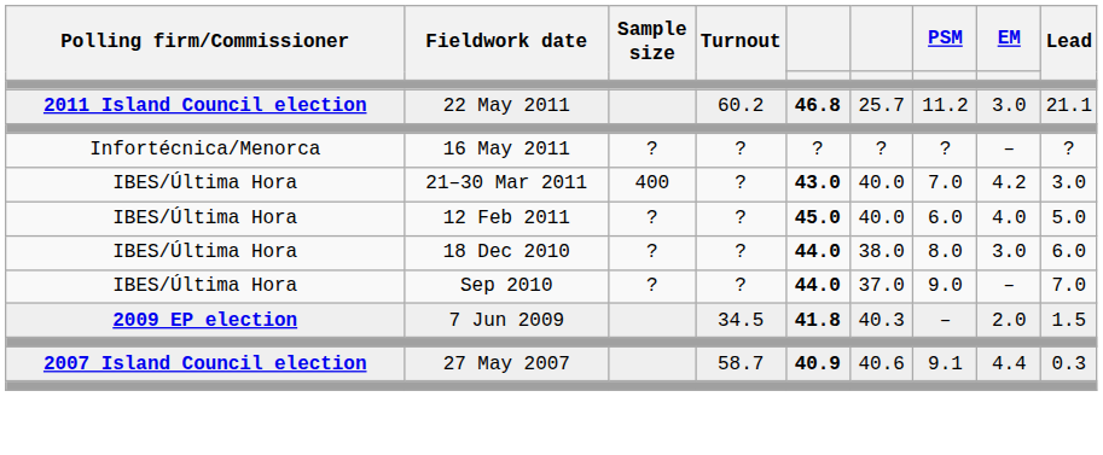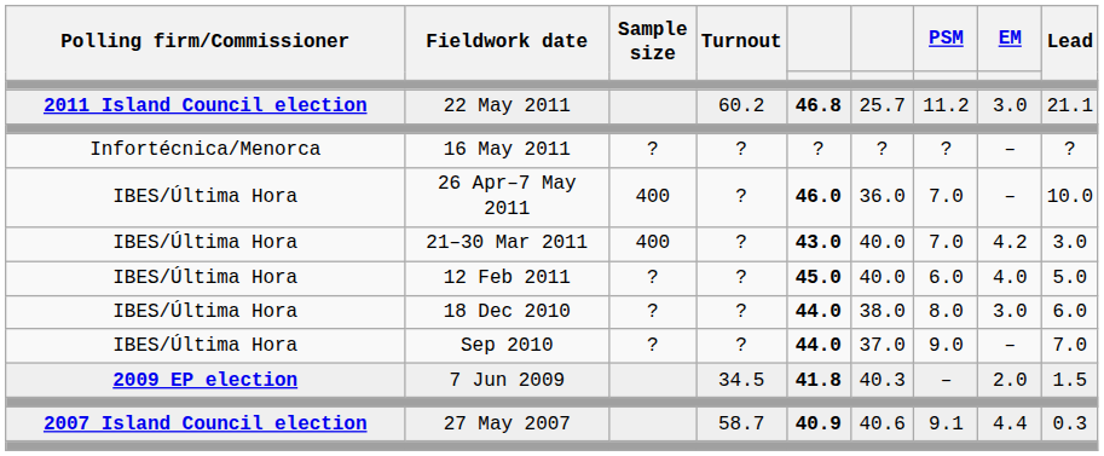 <table class="wikitable collapsible collapsed" style="text-align:center; font-size:95%; line-height:16px;">
 <tr style="height:42px;">
 <th style="width:250px;" rowspan="2">Polling firm/Commissioner</th>
 <th style="width:125px;" rowspan="2">Fieldwork date</th>
 <th style="width:50px;" rowspan="2">Sample size</th>
 <th style="width:45px;" rowspan="2">Turnout</th>
 <th style="width:35px;"></th>
 <th style="width:35px;"></th>
 <th style="width:35px;"><a href='#'>PSM</a></th>
 <th style="width:35px;"><a href='#'>EM</a></th>
 <th style="width:30px;" rowspan="2">Lead</th>
 </tr>
 <tr>
 <th style="color:inherit;background:"></th>
 <th style="color:inherit;background:"></th>
 <th style="color:inherit;background:"></th>
 <th style="color:inherit;background:"></th>
 </tr>
 <tr>
 <td colspan="9" style="background:#A0A0A0"></td>
 </tr>
 <tr style="background:#EFEFEF;">
 <td><strong><a href='#'>2011 Island Council election</a></strong></td>
 <td>22 May 2011</td>
 <td></td>
 <td>60.2</td>
 <td><strong>46.8</strong><br></td>
 <td>25.7<br></td>
 <td>11.2<br></td>
 <td>3.0<br></td>
 <td style="background:">21.1</td>
 </tr>
 <tr>
 <td colspan="9" style="background:#A0A0A0"></td>
 </tr>
 <tr>
 <td>Infortécnica/Menorca</td>
 <td>16 May 2011</td>
 <td>?</td>
 <td>?</td>
 <td>?<br></td>
 <td>?<br></td>
 <td>?<br></td>
 <td>–</td>
 <td style="background:">?</td>
+</tr>
+<tr>
+<td>IBES/Última Hora</td>
+<td>26 Apr–7 May 2011</td>
+<td>400</td>
+<td>?</td>
+<td><strong>46.0</strong><br></td>
+<td>36.0<br></td>
+<td>7.0<br></td>
+<td>–</td>
+<td style="background:">10.0</td>
 </tr>
 <tr>
 <td>IBES/Última Hora</td>
 <td>21–30 Mar 2011</td>
 <td>400</td>
 <td>?</td>
 <td><strong>43.0</strong><br></td>
 <td>40.0<br></td>
 <td>7.0<br></td>
 <td>4.2<br></td>
 <td style="background:">3.0</td>
 </tr>
 <tr>
 <td>IBES/Última Hora</td>
 <td>12 Feb 2011</td>
 <td>?</td>
 <td>?</td>
 <td><strong>45.0</strong><br></td>
 <td>40.0<br></td>
 <td>6.0<br></td>
 <td>4.0<br></td>
 <td style="background:">5.0</td>
 </tr>
 <tr>
 <td>IBES/Última Hora</td>
 <td>18 Dec 2010</td>
 <td>?</td>
 <td>?</td>
 <td><strong>44.0</strong><br></td>
 <td>38.0<br></td>
 <td>8.0<br></td>
 <td>3.0<br></td>
 <td style="background:">6.0</td>
 </tr>
 <tr>
 <td>IBES/Última Hora</td>
 <td>Sep 2010</td>
 <td>?</td>
 <td>?</td>
 <td><strong>44.0</strong><br></td>
 <td>37.0<br></td>
 <td>9.0<br></td>
 <td>–</td>
 <td style="background:">7.0</td>
 </tr>
 <tr style="background:#EFEFEF;">
 <td><strong><a href='#'>2009 EP election</a></strong></td>
 <td>7 Jun 2009</td>
 <td></td>
 <td>34.5</td>
 <td><strong>41.8</strong><br></td>
 <td>40.3<br></td>
 <td>–</td>
 <td>2.0<br></td>
 <td style="background:">1.5</td>
 </tr>
 <tr>
 <td colspan="9" style="background:#A0A0A0"></td>
 </tr>
 <tr style="background:#EFEFEF;">
 <td><strong><a href='#'>2007 Island Council election</a></strong></td>
 <td>27 May 2007</td>
 <td></td>
 <td>58.7</td>
 <td><strong>40.9</strong><br></td>
 <td>40.6<br></td>
 <td>9.1<br></td>
 <td>4.4<br></td>
 <td style="background:">0.3</td>
 </tr>
 <tr>
 <td colspan="9" style="background:#A0A0A0"></td>
 </tr>
 </table>
